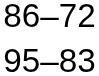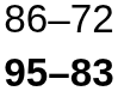 <table style="text-align:center">
 <tr>
 <th width=200></th>
 <th width=100></th>
 <th width=200></th>
 <th></th>
 </tr>
 <tr>
 <td align=right><strong></strong></td>
 <td>86–72</td>
 <td align=left></td>
 </tr>
 <tr>
 <td align=right><strong></strong></td>
-<td>95–83</td>
+<td><strong>95–83</strong></td>
 <td align=left></td>
 </tr>
 </table>
